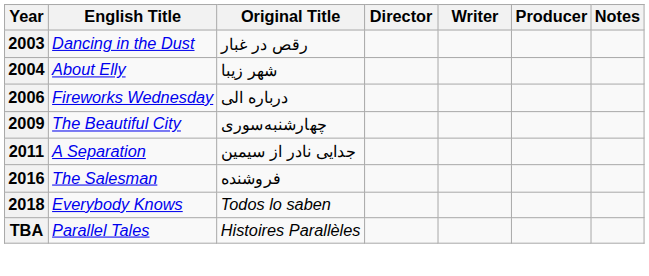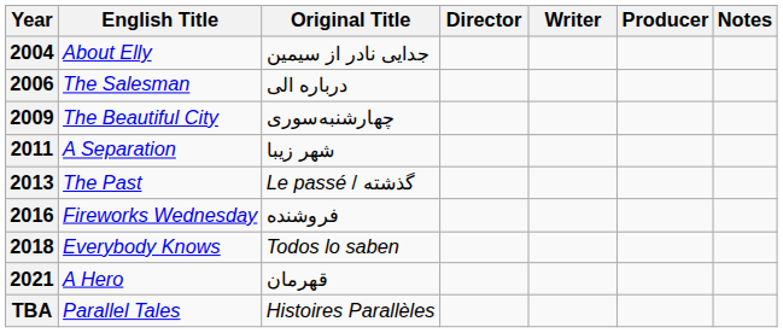 <table class="wikitable">
 <tr>
 <th>Year</th>
 <th>English Title</th>
 <th>Original Title</th>
 <th width=65>Director</th>
 <th width=65>Writer</th>
 <th width=65>Producer</th>
 <th>Notes</th>
 </tr>
 <tr>
-<th>2003</th>
-<td><em><a href='#'>Dancing in the Dust</a></em></td>
-<td>رقص در غبار</td>
-<td></td>
-<td></td>
-<td></td>
-<td></td>
-</tr>
-<tr>
 <th>2004</th>
 <td><em><a href='#'>About Elly</a></em></td>
-<td>شهر زیبا</td>
+<td>جدایی نادر از سیمین</td>
 <td></td>
 <td></td>
 <td></td>
 <td></td>
 </tr>
 <tr>
 <th>2006</th>
-<td><em><a href='#'>Fireworks Wednesday</a></em></td>
+<td><em><a href='#'>The Salesman</a></em></td>
 <td>درباره الی</td>
 <td></td>
 <td></td>
 <td></td>
 <td></td>
 </tr>
 <tr>
 <th>2009</th>
 <td><em><a href='#'>The Beautiful City</a></em></td>
 <td>چهارشنبه‌سوری</td>
 <td></td>
 <td></td>
 <td></td>
 <td></td>
 </tr>
 <tr>
 <th>2011</th>
 <td><em><a href='#'>A Separation</a></em></td>
-<td>جدایی نادر از سیمین</td>
+<td>شهر زیبا</td>
+<td></td>
+<td></td>
+<td></td>
+<td></td>
+</tr>
+<tr>
+<th>2013</th>
+<td><em><a href='#'>The Past</a></em></td>
+<td><em>Le passé</em> / گذشته</td>
 <td></td>
 <td></td>
 <td></td>
 <td></td>
 </tr>
 <tr>
 <th>2016</th>
-<td><em><a href='#'>The Salesman</a></em></td>
+<td><em><a href='#'>Fireworks Wednesday</a></em></td>
 <td>فروشنده</td>
 <td></td>
 <td></td>
 <td></td>
 <td></td>
 </tr>
 <tr>
 <th>2018</th>
 <td><em><a href='#'>Everybody Knows</a> </em></td>
 <td><em>Todos lo saben</em></td>
 <td></td>
 <td></td>
 <td></td>
 <td></td>
 </tr>
 <tr>
+<th>2021</th>
+<td><em><a href='#'>A Hero</a> </em></td>
+<td>قهرمان</td>
+<td></td>
+<td></td>
+<td></td>
+<td></td>
+</tr>
+<tr>
 <th>TBA</th>
 <td><em><a href='#'>Parallel Tales</a></em></td>
 <td><em>Histoires Parallèles</em></td>
 <td></td>
 <td></td>
 <td></td>
 <td></td>
 </tr>
 </table>
